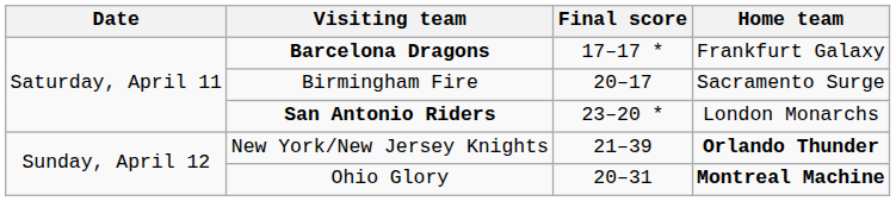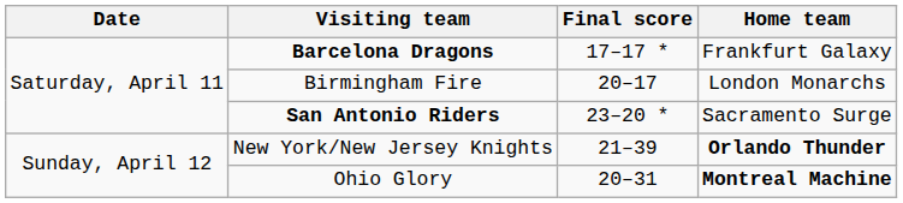 <table class="wikitable" style="font-size:95%; text-align:center">
 <tr>
 <th>Date</th>
 <th>Visiting team</th>
 <th>Final score</th>
 <th>Home team</th>
 </tr>
 <tr>
 <td rowspan="3">Saturday, April 11</td>
 <td><strong>Barcelona Dragons</strong></td>
 <td>17–17 *</td>
 <td>Frankfurt Galaxy</td>
 </tr>
 <tr>
 <td>Birmingham Fire</td>
 <td>20–17</td>
-<td>Sacramento Surge</td>
+<td>London Monarchs</td>
 </tr>
 <tr>
 <td><strong>San Antonio Riders</strong></td>
 <td>23–20 *</td>
-<td>London Monarchs</td>
+<td>Sacramento Surge</td>
 </tr>
 <tr>
 <td rowspan="2">Sunday, April 12</td>
 <td>New York/New Jersey Knights</td>
 <td>21–39</td>
 <td><strong>Orlando Thunder</strong></td>
 </tr>
 <tr>
 <td>Ohio Glory</td>
 <td>20–31</td>
 <td><strong>Montreal Machine</strong></td>
 </tr>
 </table>
